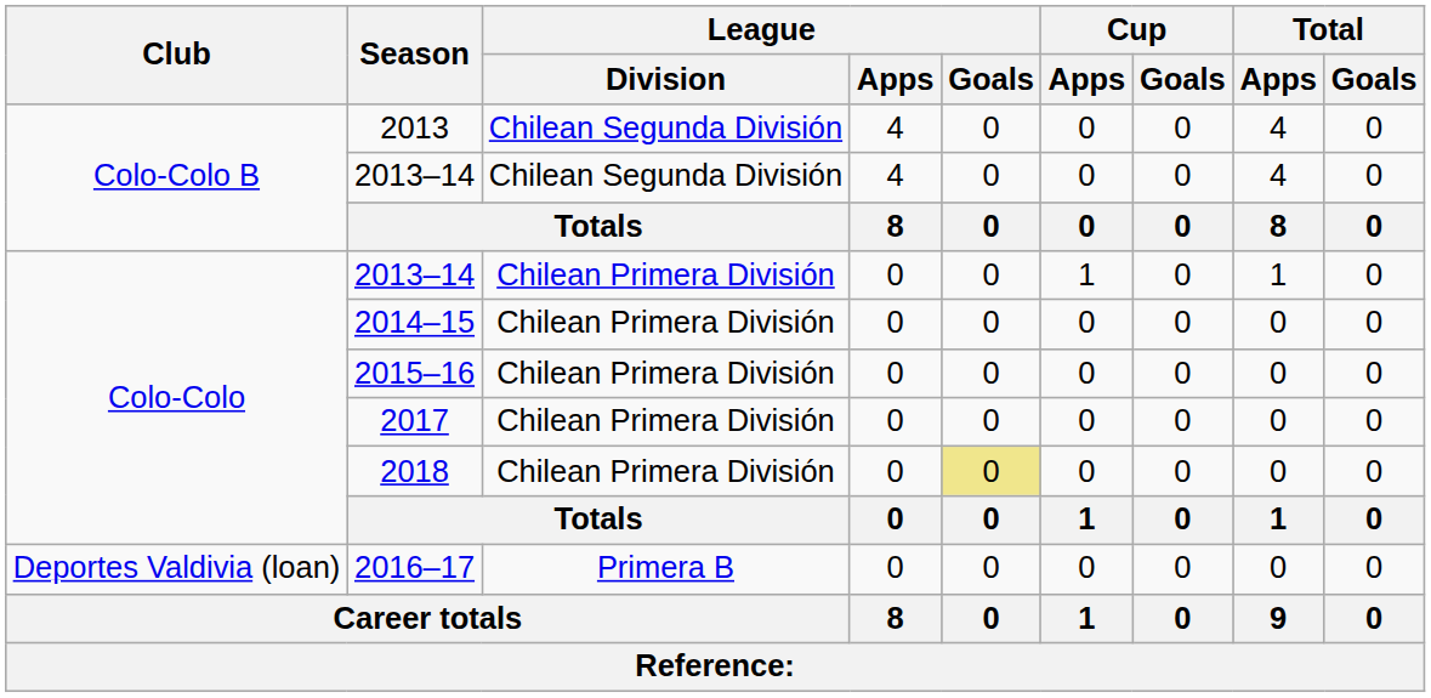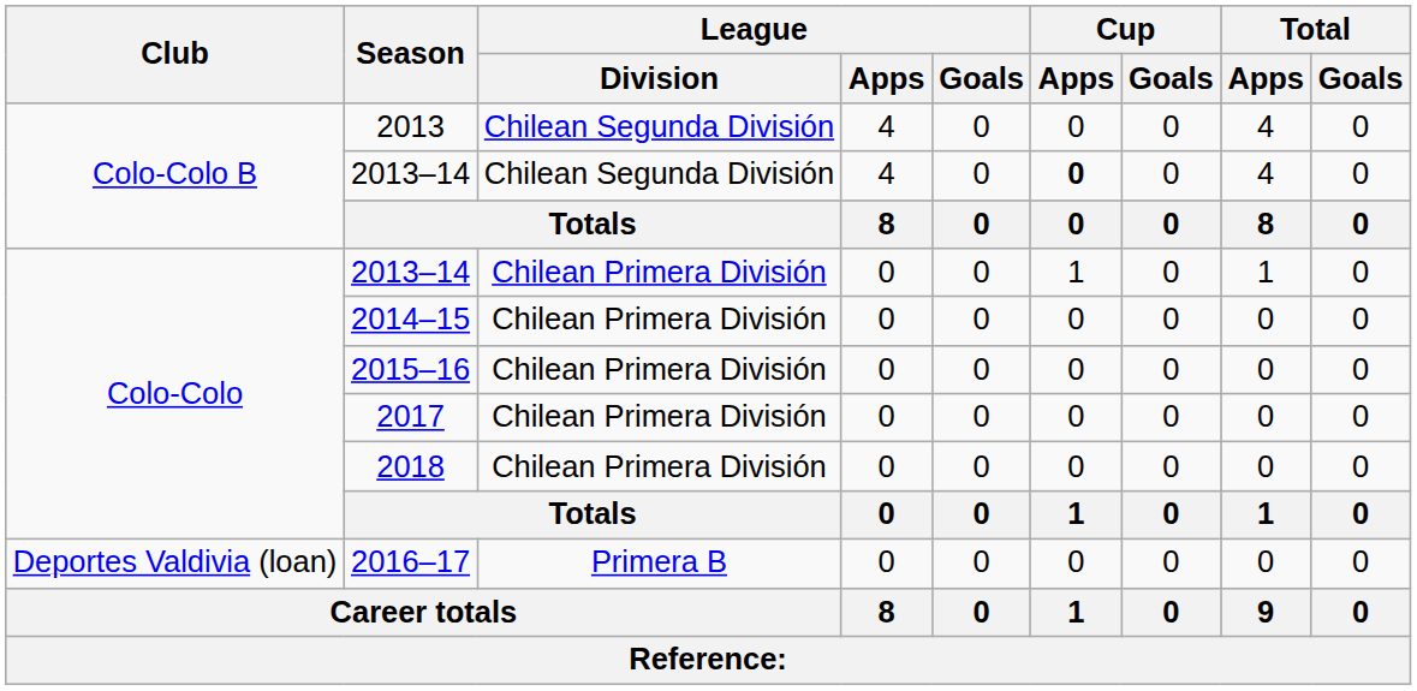 <table class="wikitable" Style="text-align: center">
 <tr>
 <th rowspan="2">Club</th>
 <th rowspan="2">Season</th>
 <th colspan="3">League</th>
 <th colspan="2">Cup</th>
 <th colspan="2">Total</th>
 </tr>
 <tr>
 <th>Division</th>
 <th>Apps</th>
 <th>Goals</th>
 <th>Apps</th>
 <th>Goals</th>
 <th>Apps</th>
 <th>Goals</th>
 </tr>
 <tr>
 <td rowspan="3"><a href='#'>Colo-Colo B</a></td>
 <td>2013</td>
 <td><a href='#'>Chilean Segunda División</a></td>
 <td>4</td>
 <td>0</td>
 <td>0</td>
 <td>0</td>
 <td>4</td>
 <td>0</td>
 </tr>
 <tr>
 <td>2013–14</td>
 <td>Chilean Segunda División</td>
 <td>4</td>
 <td>0</td>
-<td>0</td>
+<td><strong>0</strong></td>
 <td>0</td>
 <td>4</td>
 <td>0</td>
 </tr>
 <tr>
 <th colspan="2">Totals</th>
 <th>8</th>
 <th>0</th>
 <th>0</th>
 <th>0</th>
 <th>8</th>
 <th>0</th>
 </tr>
 <tr>
 <td rowspan="6"><a href='#'>Colo-Colo</a></td>
 <td><a href='#'>2013–14</a></td>
 <td><a href='#'>Chilean Primera División</a></td>
 <td>0</td>
 <td>0</td>
 <td>1</td>
 <td>0</td>
 <td>1</td>
 <td>0</td>
 </tr>
 <tr>
 <td><a href='#'>2014–15</a></td>
 <td>Chilean Primera División</td>
 <td>0</td>
 <td>0</td>
 <td>0</td>
 <td>0</td>
 <td>0</td>
 <td>0</td>
 </tr>
 <tr>
 <td><a href='#'>2015–16</a></td>
 <td>Chilean Primera División</td>
 <td>0</td>
 <td>0</td>
 <td>0</td>
 <td>0</td>
 <td>0</td>
 <td>0</td>
 </tr>
 <tr>
 <td><a href='#'>2017</a></td>
 <td>Chilean Primera División</td>
 <td>0</td>
 <td>0</td>
 <td>0</td>
 <td>0</td>
 <td>0</td>
 <td>0</td>
 </tr>
 <tr>
 <td><a href='#'>2018</a></td>
 <td>Chilean Primera División</td>
 <td>0</td>
-<td style="background: khaki;">0</td>
+<td>0</td>
 <td>0</td>
 <td>0</td>
 <td>0</td>
 <td>0</td>
 </tr>
 <tr>
 <th colspan="2">Totals</th>
 <th>0</th>
 <th>0</th>
 <th>1</th>
 <th>0</th>
 <th>1</th>
 <th>0</th>
 </tr>
 <tr>
 <td><a href='#'>Deportes Valdivia</a> (loan)</td>
 <td><a href='#'>2016–17</a></td>
 <td><a href='#'>Primera B</a></td>
 <td>0</td>
 <td>0</td>
 <td>0</td>
 <td>0</td>
 <td>0</td>
 <td>0</td>
 </tr>
 <tr>
 <th colspan="3">Career totals</th>
 <th>8</th>
 <th>0</th>
 <th>1</th>
 <th>0</th>
 <th>9</th>
 <th>0</th>
 </tr>
 <tr>
 <th colspan="9">Reference:</th>
 </tr>
 </table>
